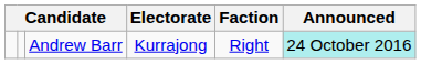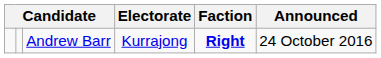 <table class="wikitable" style="text-align:center">
 <tr>
 <th colspan=3>Candidate</th>
 <th>Electorate</th>
 <th>Faction</th>
 <th>Announced</th>
 </tr>
 <tr>
 <td width="3pt" > </td>
 <td></td>
 <td><a href='#'>Andrew Barr</a></td>
 <td><a href='#'>Kurrajong</a></td>
-<td><a href='#'>Right</a></td>
-<td style="background: paleturquoise;">24 October 2016</td>
+<td><strong><a href='#'>Right</a></strong></td>
+<td>24 October 2016</td>
 </tr>
 </table>
